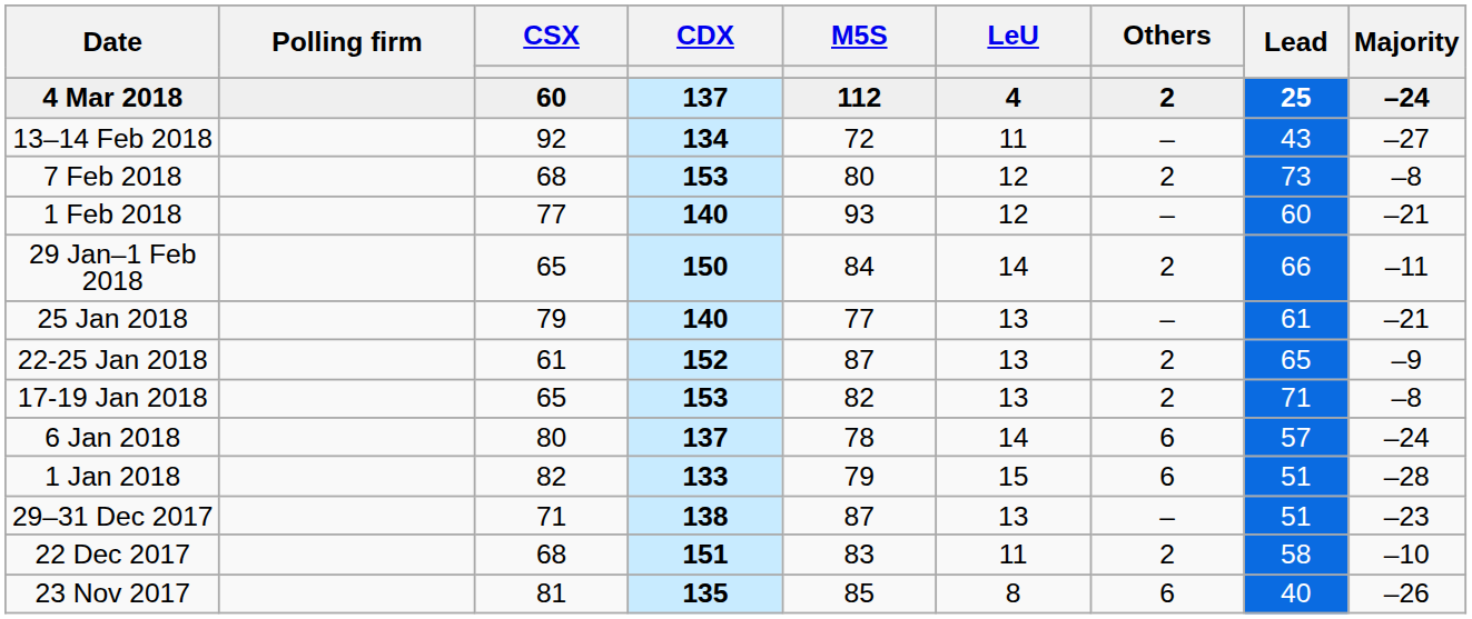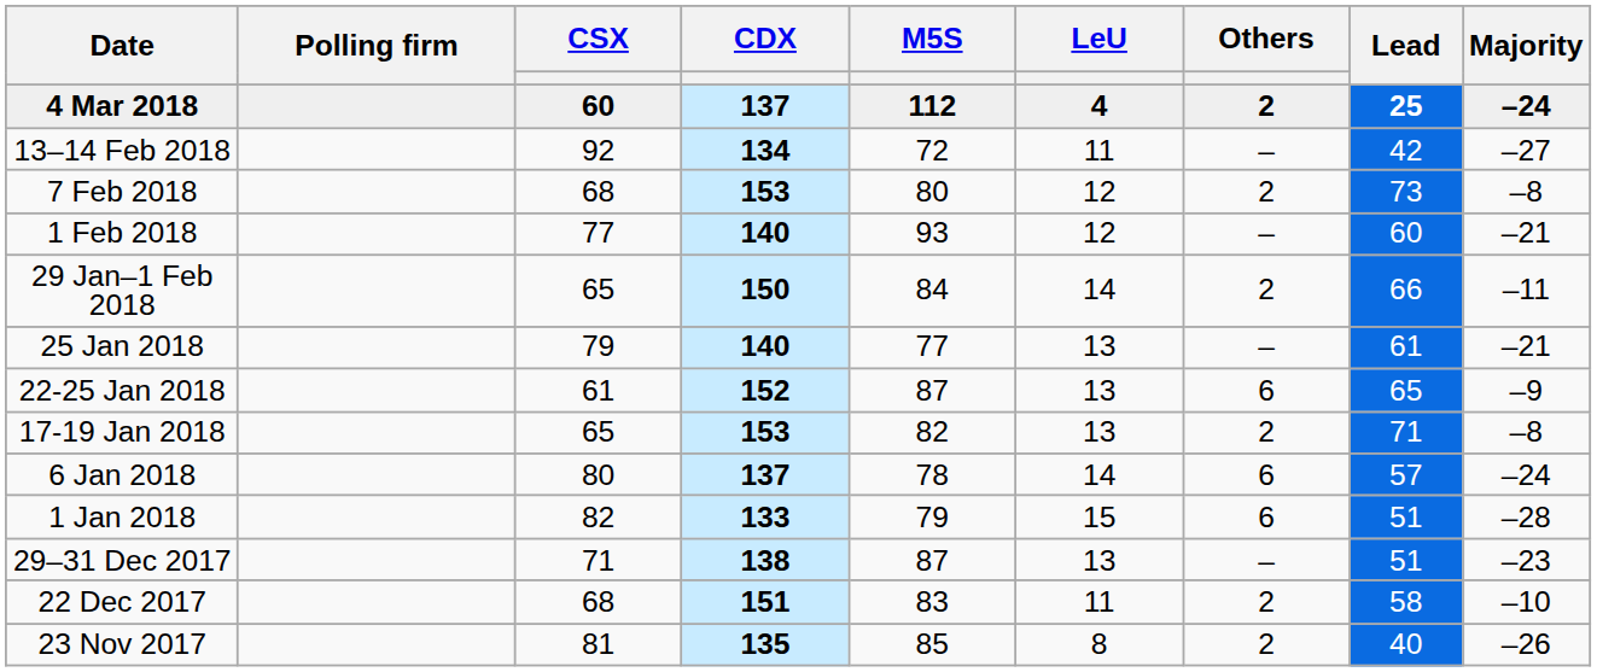 <table class="wikitable collapsible" style="text-align:center;font-size:85%;line-height:13px">
 <tr style="height:30px; background-color:#E9E9E9">
 <th style="width:100px;" rowspan="2">Date</th>
 <th style="width:120px;" rowspan="2">Polling firm</th>
 <th style="width:70px;"><a href='#'>CSX</a></th>
 <th style="width:70px;"><a href='#'>CDX</a></th>
 <th style="width:70px;"><a href='#'>M5S</a></th>
 <th style="width:70px;"><a href='#'>LeU</a></th>
 <th style="width:70px;">Others</th>
 <th style="width:45px;" rowspan="2">Lead</th>
 <th style="width:45px;" rowspan="2">Majority</th>
 </tr>
 <tr>
 <th style="background:"></th>
 <th style="background:"></th>
 <th style="background:"></th>
 <th style="background:"></th>
 <th style="background:"></th>
 </tr>
 <tr style="background:#EFEFEF; font-weight:bold;">
 <td>4 Mar 2018</td>
 <td> </td>
 <td>60</td>
 <td style="background:#C8EBFF"><strong>137</strong></td>
 <td>112</td>
 <td>4</td>
 <td>2</td>
 <td style="background:#0A6BE1; color:white;">25</td>
 <td>–24</td>
 </tr>
 <tr>
 <td>13–14 Feb 2018</td>
 <td></td>
 <td>92</td>
 <td style="background:#C8EBFF"><strong>134</strong></td>
 <td>72</td>
 <td>11</td>
 <td>–</td>
-<td style="background:#0A6BE1; color:white;">43</td>
+<td style="background:#0A6BE1; color:white;">42</td>
 <td>–27</td>
 </tr>
 <tr>
 <td>7 Feb 2018</td>
 <td></td>
 <td>68</td>
 <td style="background:#C8EBFF"><strong>153</strong></td>
 <td>80</td>
 <td>12</td>
 <td>2</td>
 <td style="background:#0A6BE1; color:white;">73</td>
 <td>–8</td>
 </tr>
 <tr>
 <td>1 Feb 2018</td>
 <td></td>
 <td>77</td>
 <td style="background:#C8EBFF"><strong>140</strong></td>
 <td>93</td>
 <td>12</td>
 <td>–</td>
 <td style="background:#0A6BE1; color:white;">60</td>
 <td>–21</td>
 </tr>
 <tr>
 <td>29 Jan–1 Feb 2018</td>
 <td> </td>
 <td>65</td>
 <td style="background:#C8EBFF"><strong>150</strong></td>
 <td>84</td>
 <td>14</td>
 <td>2</td>
 <td style="background:#0A6BE1; color:white;">66</td>
 <td>–11</td>
 </tr>
 <tr>
 <td>25 Jan 2018</td>
 <td></td>
 <td>79</td>
 <td style="background:#C8EBFF"><strong>140</strong></td>
 <td>77</td>
 <td>13</td>
 <td>–</td>
 <td style="background:#0A6BE1; color:white;">61</td>
 <td>–21</td>
 </tr>
 <tr>
 <td>22-25 Jan 2018</td>
 <td></td>
 <td>61</td>
 <td style="background:#C8EBFF"><strong>152</strong></td>
 <td>87</td>
 <td>13</td>
-<td>2</td>
+<td>6</td>
 <td style="background:#0A6BE1; color:white;">65</td>
 <td>–9</td>
 </tr>
 <tr>
 <td>17-19 Jan 2018</td>
 <td> </td>
 <td>65</td>
 <td style="background:#C8EBFF"><strong>153</strong></td>
 <td>82</td>
 <td>13</td>
 <td>2</td>
 <td style="background:#0A6BE1; color:white;">71</td>
 <td>–8</td>
 </tr>
 <tr>
 <td>6 Jan 2018</td>
 <td></td>
 <td>80</td>
 <td style="background:#C8EBFF"><strong>137</strong></td>
 <td>78</td>
 <td>14</td>
 <td>6</td>
 <td style="background:#0A6BE1; color:white;">57</td>
 <td>–24</td>
 </tr>
 <tr>
 <td>1 Jan 2018</td>
 <td></td>
 <td>82</td>
 <td style="background:#C8EBFF"><strong>133</strong></td>
 <td>79</td>
 <td>15</td>
 <td>6</td>
 <td style="background:#0A6BE1; color:white;">51</td>
 <td>–28</td>
 </tr>
 <tr>
 <td>29–31 Dec 2017</td>
 <td></td>
 <td>71</td>
 <td style="background:#C8EBFF"><strong>138</strong></td>
 <td>87</td>
 <td>13</td>
 <td>–</td>
 <td style="background:#0A6BE1; color:white;">51</td>
 <td>–23</td>
 </tr>
 <tr>
 <td>22 Dec 2017</td>
 <td></td>
 <td>68</td>
 <td style="background:#C8EBFF"><strong>151</strong></td>
 <td>83</td>
 <td>11</td>
 <td>2</td>
 <td style="background:#0A6BE1; color:white;">58</td>
 <td>–10</td>
 </tr>
 <tr>
 <td>23 Nov 2017</td>
 <td></td>
 <td>81</td>
 <td style="background:#C8EBFF"><strong>135</strong></td>
 <td>85</td>
 <td>8</td>
-<td>6</td>
+<td>2</td>
 <td style="background:#0A6BE1; color:white;">40</td>
 <td>–26</td>
 </tr>
 </table>
